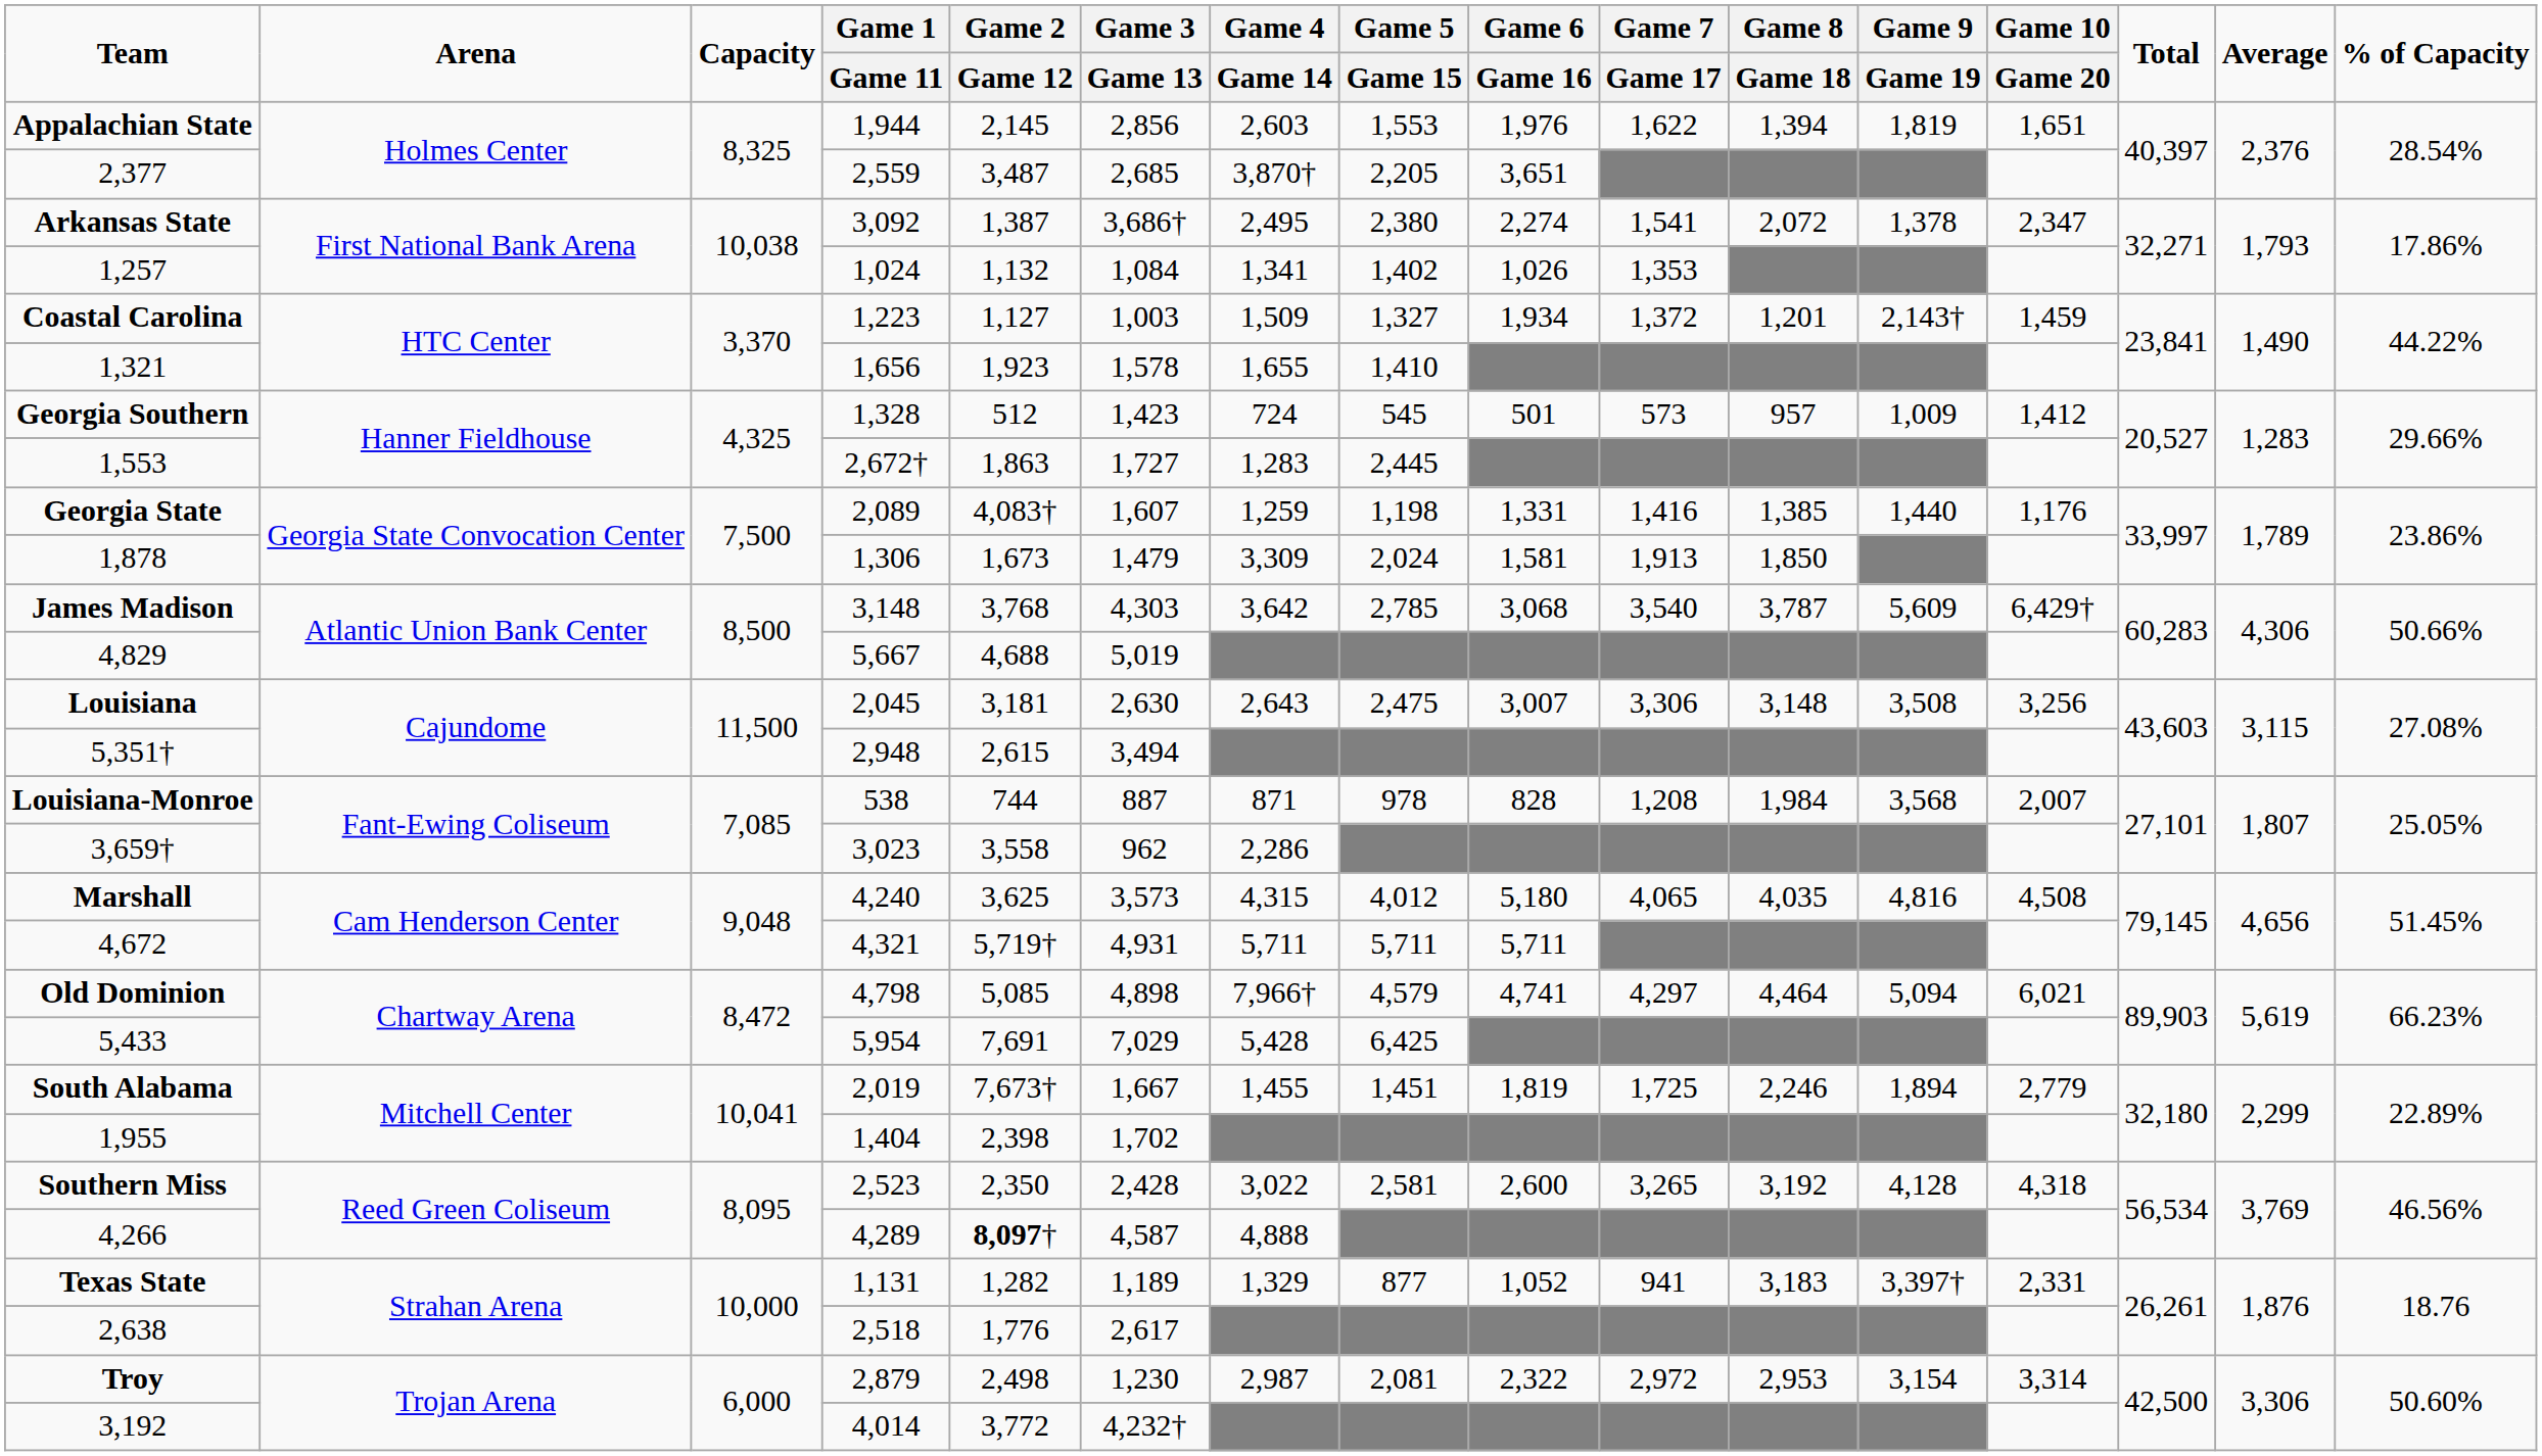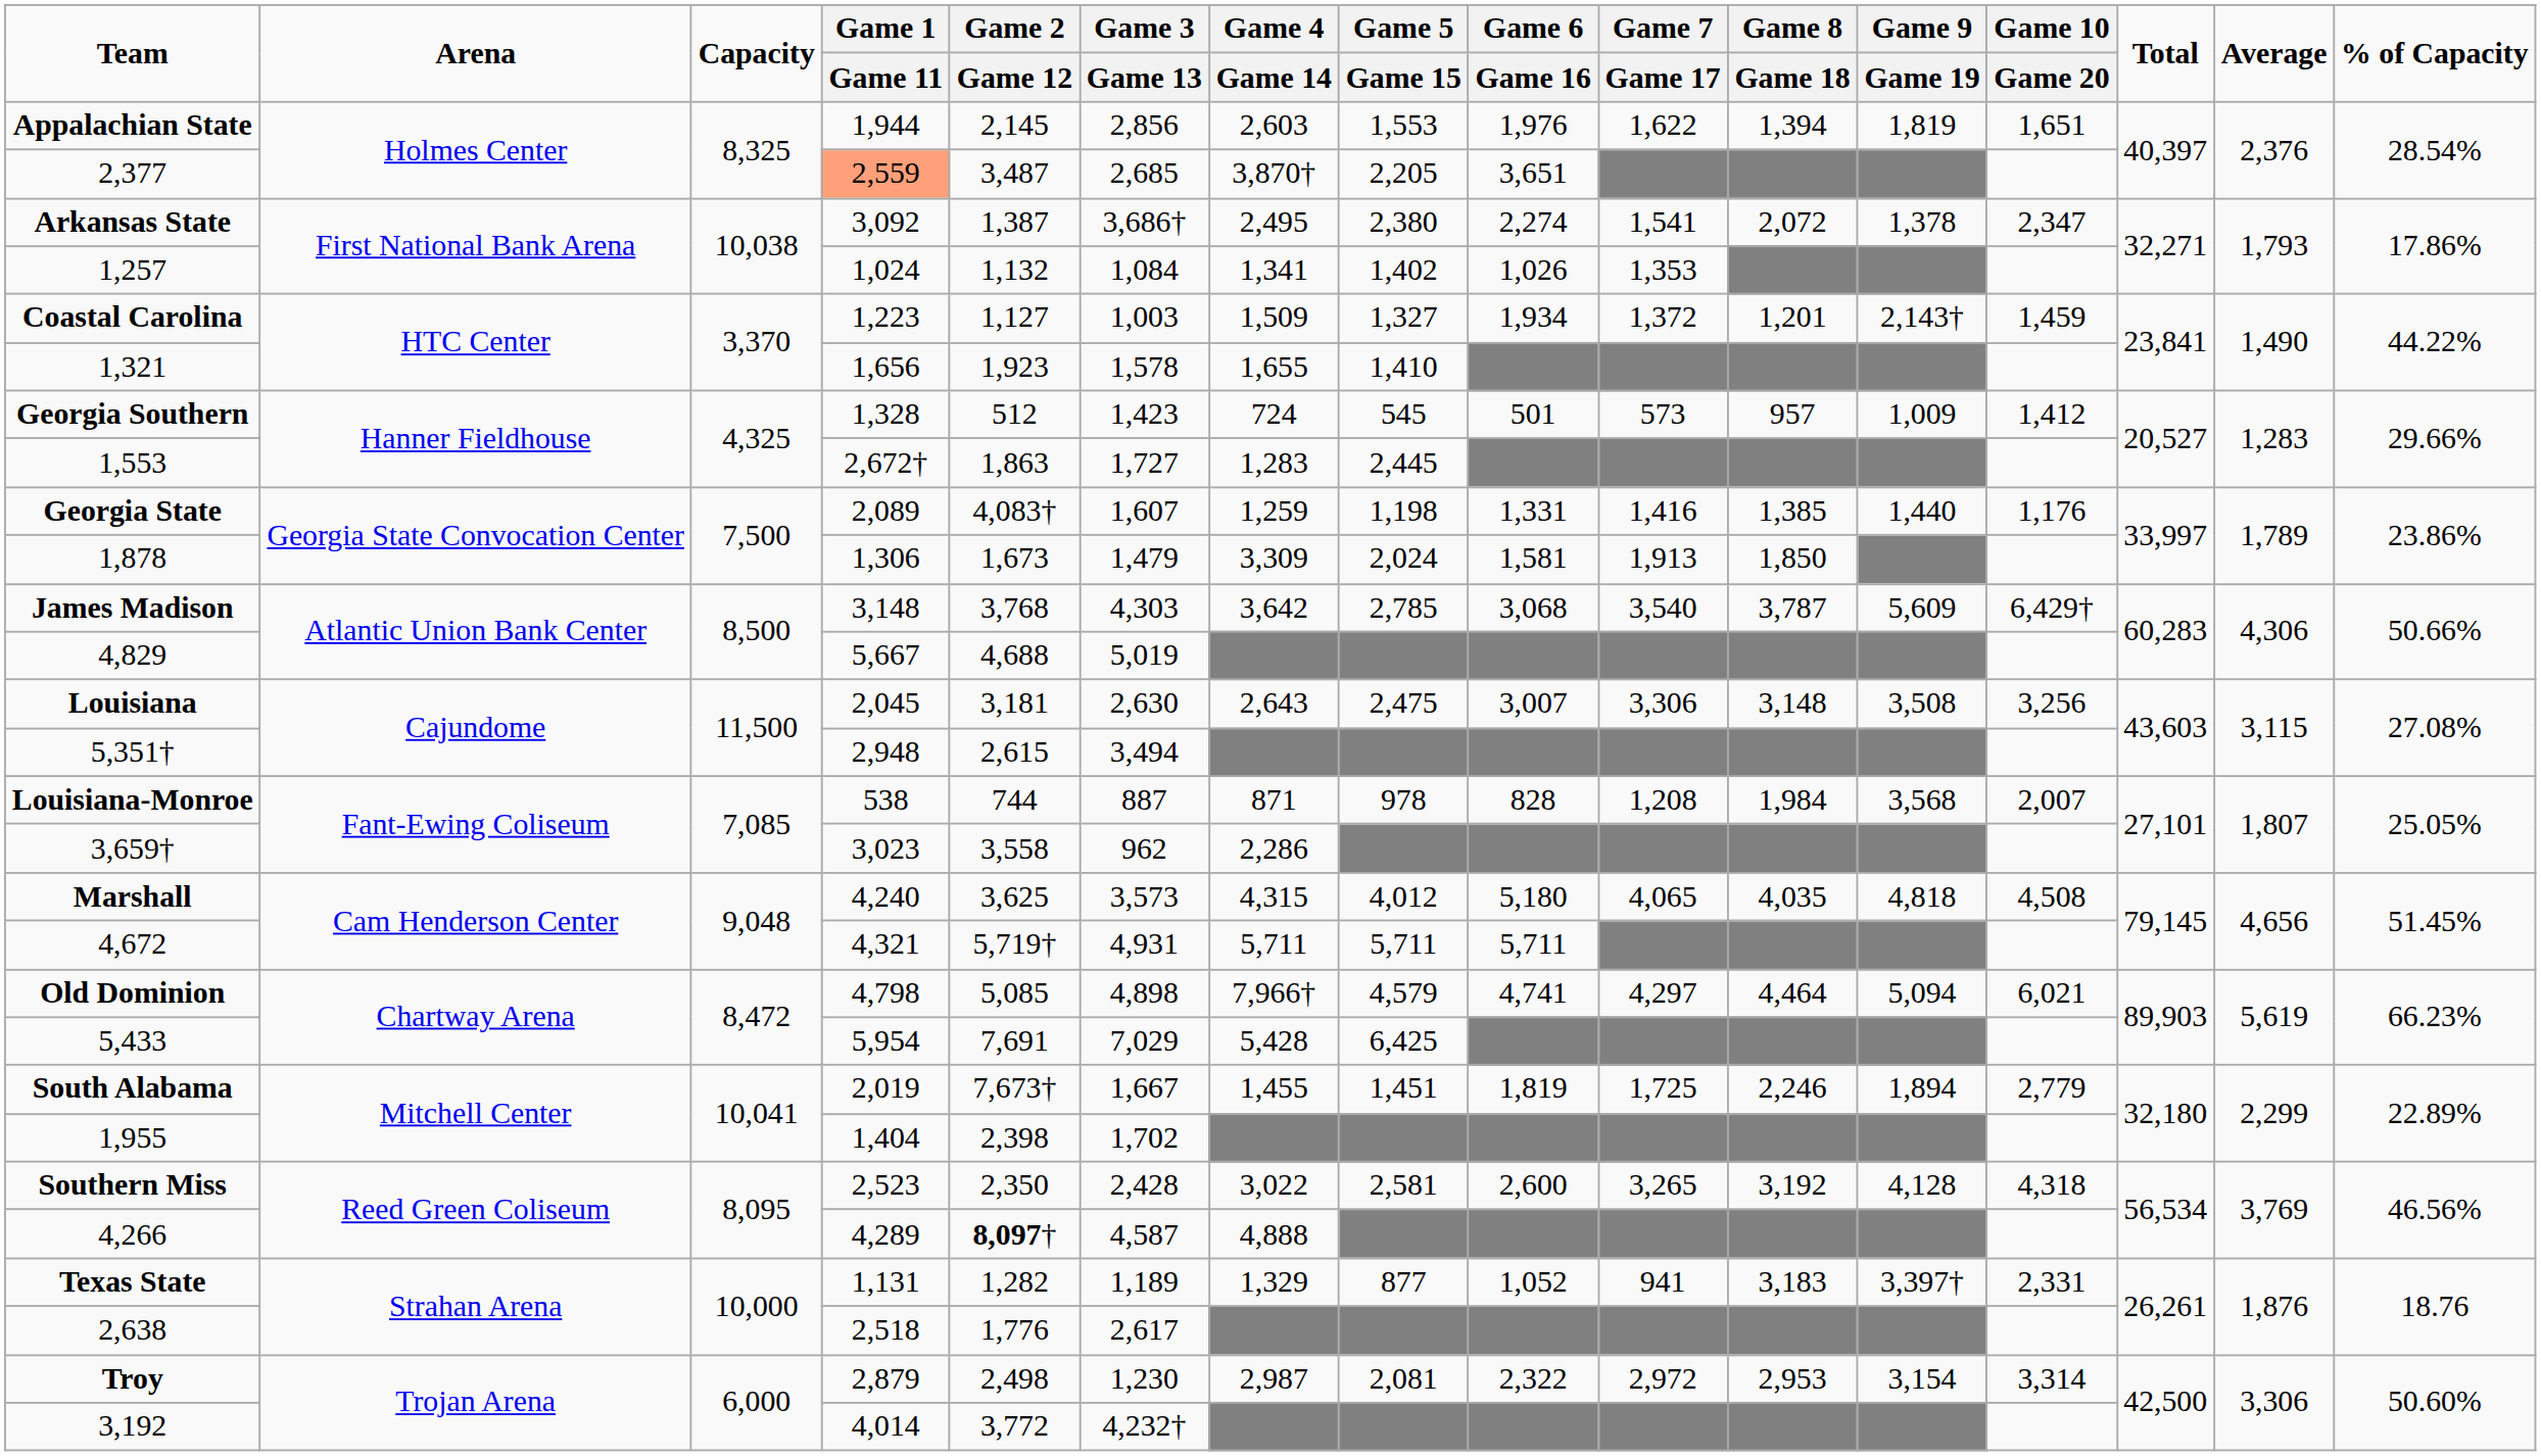 <table class="wikitable sortable" style="text-align: center;">
 <tr>
 <td rowspan=2><strong>Team</strong></td>
 <td rowspan=2><strong>Arena</strong></td>
 <td rowspan=2><strong>Capacity</strong></td>
 <th>Game 1</th>
 <th>Game 2</th>
 <th>Game 3</th>
 <th>Game 4</th>
 <th>Game 5</th>
 <th>Game 6</th>
 <th>Game 7</th>
 <th>Game 8</th>
 <th>Game 9</th>
 <th>Game 10</th>
 <td rowspan=2><strong>Total</strong></td>
 <td rowspan=2><strong>Average</strong></td>
 <td rowspan=2><strong>% of Capacity</strong></td>
 </tr>
 <tr>
 <th>Game 11</th>
 <th>Game 12</th>
 <th>Game 13</th>
 <th>Game 14</th>
 <th>Game 15</th>
 <th>Game 16</th>
 <th>Game 17</th>
 <th>Game 18</th>
 <th>Game 19</th>
 <th>Game 20</th>
 </tr>
 <tr>
 <td style=><strong>Appalachian State</strong></td>
 <td rowspan=2><a href='#'>Holmes Center</a></td>
 <td rowspan=2>8,325</td>
 <td>1,944</td>
 <td>2,145</td>
 <td>2,856</td>
 <td>2,603</td>
 <td>1,553</td>
 <td>1,976</td>
 <td>1,622</td>
 <td>1,394</td>
 <td>1,819</td>
 <td>1,651</td>
 <td rowspan=2>40,397</td>
 <td rowspan=2>2,376</td>
 <td rowspan=2>28.54%</td>
 </tr>
 <tr>
 <td>2,377</td>
-<td>2,559</td>
+<td style="background: lightsalmon;">2,559</td>
 <td>3,487</td>
 <td>2,685</td>
 <td>3,870†</td>
 <td>2,205</td>
 <td>3,651</td>
 <td style="background:#808080;"></td>
 <td style="background:#808080;"></td>
 <td style="background:#808080;"></td>
 </tr>
 <tr>
 <td style=><strong>Arkansas State</strong></td>
 <td rowspan=2><a href='#'>First National Bank Arena</a></td>
 <td rowspan=2>10,038</td>
 <td>3,092</td>
 <td>1,387</td>
 <td>3,686†</td>
 <td>2,495</td>
 <td>2,380</td>
 <td>2,274</td>
 <td>1,541</td>
 <td>2,072</td>
 <td>1,378</td>
 <td>2,347</td>
 <td rowspan=2>32,271</td>
 <td rowspan=2>1,793</td>
 <td rowspan=2>17.86%</td>
 </tr>
 <tr>
 <td>1,257</td>
 <td>1,024</td>
 <td>1,132</td>
 <td>1,084</td>
 <td>1,341</td>
 <td>1,402</td>
 <td>1,026</td>
 <td>1,353</td>
 <td style="background:#808080;"></td>
 <td style="background:#808080;"></td>
 </tr>
 <tr>
 <td style=><strong>Coastal Carolina</strong></td>
 <td rowspan=2><a href='#'>HTC Center</a></td>
 <td rowspan=2>3,370</td>
 <td>1,223</td>
 <td>1,127</td>
 <td>1,003</td>
 <td>1,509</td>
 <td>1,327</td>
 <td>1,934</td>
 <td>1,372</td>
 <td>1,201</td>
 <td>2,143†</td>
 <td>1,459</td>
 <td rowspan=2>23,841</td>
 <td rowspan=2>1,490</td>
 <td rowspan=2>44.22%</td>
 </tr>
 <tr>
 <td>1,321</td>
 <td>1,656</td>
 <td>1,923</td>
 <td>1,578</td>
 <td>1,655</td>
 <td>1,410</td>
 <td style="background:#808080;"></td>
 <td style="background:#808080;"></td>
 <td style="background:#808080;"></td>
 <td style="background:#808080;"></td>
 </tr>
 <tr>
 <td style=><strong>Georgia Southern</strong></td>
 <td rowspan=2><a href='#'>Hanner Fieldhouse</a></td>
 <td rowspan=2>4,325</td>
 <td>1,328</td>
 <td>512</td>
 <td>1,423</td>
 <td>724</td>
 <td>545</td>
 <td>501</td>
 <td>573</td>
 <td>957</td>
 <td>1,009</td>
 <td>1,412</td>
 <td rowspan=2>20,527</td>
 <td rowspan=2>1,283</td>
 <td rowspan=2>29.66%</td>
 </tr>
 <tr>
 <td>1,553</td>
 <td>2,672†</td>
 <td>1,863</td>
 <td>1,727</td>
 <td>1,283</td>
 <td>2,445</td>
 <td style="background:#808080;"></td>
 <td style="background:#808080;"></td>
 <td style="background:#808080;"></td>
 <td style="background:#808080;"></td>
 </tr>
 <tr>
 <td style=><strong>Georgia State</strong></td>
 <td rowspan=2><a href='#'>Georgia State Convocation Center</a></td>
 <td rowspan=2>7,500</td>
 <td>2,089</td>
 <td>4,083†</td>
 <td>1,607</td>
 <td>1,259</td>
 <td>1,198</td>
 <td>1,331</td>
 <td>1,416</td>
 <td>1,385</td>
 <td>1,440</td>
 <td>1,176</td>
 <td rowspan=2>33,997</td>
 <td rowspan=2>1,789</td>
 <td rowspan=2>23.86%</td>
 </tr>
 <tr>
 <td>1,878</td>
 <td>1,306</td>
 <td>1,673</td>
 <td>1,479</td>
 <td>3,309</td>
 <td>2,024</td>
 <td>1,581</td>
 <td>1,913</td>
 <td>1,850</td>
 <td style="background:#808080;"></td>
 </tr>
 <tr>
 <td style=><strong>James Madison</strong></td>
 <td rowspan=2><a href='#'>Atlantic Union Bank Center</a></td>
 <td rowspan=2>8,500</td>
 <td>3,148</td>
 <td>3,768</td>
 <td>4,303</td>
 <td>3,642</td>
 <td>2,785</td>
 <td>3,068</td>
 <td>3,540</td>
 <td>3,787</td>
 <td>5,609</td>
 <td>6,429†</td>
 <td rowspan=2>60,283</td>
 <td rowspan=2>4,306</td>
 <td rowspan=2>50.66%</td>
 </tr>
 <tr>
 <td>4,829</td>
 <td>5,667</td>
 <td>4,688</td>
 <td>5,019</td>
 <td style="background:#808080;"></td>
 <td style="background:#808080;"></td>
 <td style="background:#808080;"></td>
 <td style="background:#808080;"></td>
 <td style="background:#808080;"></td>
 <td style="background:#808080;"></td>
 </tr>
 <tr>
 <td style=><strong>Louisiana</strong></td>
 <td rowspan=2><a href='#'>Cajundome</a></td>
 <td rowspan=2>11,500</td>
 <td>2,045</td>
 <td>3,181</td>
 <td>2,630</td>
 <td>2,643</td>
 <td>2,475</td>
 <td>3,007</td>
 <td>3,306</td>
 <td>3,148</td>
 <td>3,508</td>
 <td>3,256</td>
 <td rowspan=2>43,603</td>
 <td rowspan=2>3,115</td>
 <td rowspan=2>27.08%</td>
 </tr>
 <tr>
 <td>5,351†</td>
 <td>2,948</td>
 <td>2,615</td>
 <td>3,494</td>
 <td style="background:#808080;"></td>
 <td style="background:#808080;"></td>
 <td style="background:#808080;"></td>
 <td style="background:#808080;"></td>
 <td style="background:#808080;"></td>
 <td style="background:#808080;"></td>
 </tr>
 <tr>
 <td style=><strong>Louisiana-Monroe</strong></td>
 <td rowspan=2><a href='#'>Fant-Ewing Coliseum</a></td>
 <td rowspan=2>7,085</td>
 <td>538</td>
 <td>744</td>
 <td>887</td>
 <td>871</td>
 <td>978</td>
 <td>828</td>
 <td>1,208</td>
 <td>1,984</td>
 <td>3,568</td>
 <td>2,007</td>
 <td rowspan=2>27,101</td>
 <td rowspan=2>1,807</td>
 <td rowspan=2>25.05%</td>
 </tr>
 <tr>
 <td>3,659†</td>
 <td>3,023</td>
 <td>3,558</td>
 <td>962</td>
 <td>2,286</td>
 <td style="background:#808080;"></td>
 <td style="background:#808080;"></td>
 <td style="background:#808080;"></td>
 <td style="background:#808080;"></td>
 <td style="background:#808080;"></td>
 </tr>
 <tr>
 <td style=><strong>Marshall</strong></td>
 <td rowspan=2><a href='#'>Cam Henderson Center</a></td>
 <td rowspan=2>9,048</td>
 <td>4,240</td>
 <td>3,625</td>
 <td>3,573</td>
 <td>4,315</td>
 <td>4,012</td>
 <td>5,180</td>
 <td>4,065</td>
 <td>4,035</td>
-<td>4,816</td>
+<td>4,818</td>
 <td>4,508</td>
 <td rowspan=2>79,145</td>
 <td rowspan=2>4,656</td>
 <td rowspan=2>51.45%</td>
 </tr>
 <tr>
 <td>4,672</td>
 <td>4,321</td>
 <td>5,719†</td>
 <td>4,931</td>
 <td>5,711</td>
 <td>5,711</td>
 <td>5,711</td>
 <td style="background:#808080;"></td>
 <td style="background:#808080;"></td>
 <td style="background:#808080;"></td>
 </tr>
 <tr>
 <td style=><strong>Old Dominion</strong></td>
 <td rowspan=2><a href='#'>Chartway Arena</a></td>
 <td rowspan=2>8,472</td>
 <td>4,798</td>
 <td>5,085</td>
 <td>4,898</td>
 <td>7,966†</td>
 <td>4,579</td>
 <td>4,741</td>
 <td>4,297</td>
 <td>4,464</td>
 <td>5,094</td>
 <td>6,021</td>
 <td rowspan=2>89,903</td>
 <td rowspan=2>5,619</td>
 <td rowspan=2>66.23%</td>
 </tr>
 <tr>
 <td>5,433</td>
 <td>5,954</td>
 <td>7,691</td>
 <td>7,029</td>
 <td>5,428</td>
 <td>6,425</td>
 <td style="background:#808080;"></td>
 <td style="background:#808080;"></td>
 <td style="background:#808080;"></td>
 <td style="background:#808080;"></td>
 </tr>
 <tr>
 <td style=><strong>South Alabama</strong></td>
 <td rowspan=2><a href='#'>Mitchell Center</a></td>
 <td rowspan=2>10,041</td>
 <td>2,019</td>
 <td>7,673†</td>
 <td>1,667</td>
 <td>1,455</td>
 <td>1,451</td>
 <td>1,819</td>
 <td>1,725</td>
 <td>2,246</td>
 <td>1,894</td>
 <td>2,779</td>
 <td rowspan=2>32,180</td>
 <td rowspan=2>2,299</td>
 <td rowspan=2>22.89%</td>
 </tr>
 <tr>
 <td>1,955</td>
 <td>1,404</td>
 <td>2,398</td>
 <td>1,702</td>
 <td style="background:#808080;"></td>
 <td style="background:#808080;"></td>
 <td style="background:#808080;"></td>
 <td style="background:#808080;"></td>
 <td style="background:#808080;"></td>
 <td style="background:#808080;"></td>
 </tr>
 <tr>
 <td style=><strong>Southern Miss</strong></td>
 <td rowspan=2><a href='#'>Reed Green Coliseum</a></td>
 <td rowspan=2>8,095</td>
 <td>2,523</td>
 <td>2,350</td>
 <td>2,428</td>
 <td>3,022</td>
 <td>2,581</td>
 <td>2,600</td>
 <td>3,265</td>
 <td>3,192</td>
 <td>4,128</td>
 <td>4,318</td>
 <td rowspan=2>56,534</td>
 <td rowspan=2>3,769</td>
 <td rowspan=2>46.56%</td>
 </tr>
 <tr>
 <td>4,266</td>
 <td>4,289</td>
 <td><strong>8,097</strong>†</td>
 <td>4,587</td>
 <td>4,888</td>
 <td style="background:#808080;"></td>
 <td style="background:#808080;"></td>
 <td style="background:#808080;"></td>
 <td style="background:#808080;"></td>
 <td style="background:#808080;"></td>
 </tr>
 <tr>
 <td style=><strong>Texas State</strong></td>
 <td rowspan=2><a href='#'>Strahan Arena</a></td>
 <td rowspan=2>10,000</td>
 <td>1,131</td>
 <td>1,282</td>
 <td>1,189</td>
 <td>1,329</td>
 <td>877</td>
 <td>1,052</td>
 <td>941</td>
 <td>3,183</td>
 <td>3,397†</td>
 <td>2,331</td>
 <td rowspan=2>26,261</td>
 <td rowspan=2>1,876</td>
 <td rowspan=2>18.76</td>
 </tr>
 <tr>
 <td>2,638</td>
 <td>2,518</td>
 <td>1,776</td>
 <td>2,617</td>
 <td style="background:#808080;"></td>
 <td style="background:#808080;"></td>
 <td style="background:#808080;"></td>
 <td style="background:#808080;"></td>
 <td style="background:#808080;"></td>
 <td style="background:#808080;"></td>
 </tr>
 <tr>
 <td style=><strong>Troy</strong></td>
 <td rowspan=2><a href='#'>Trojan Arena</a></td>
 <td rowspan=2>6,000</td>
 <td>2,879</td>
 <td>2,498</td>
 <td>1,230</td>
 <td>2,987</td>
 <td>2,081</td>
 <td>2,322</td>
 <td>2,972</td>
 <td>2,953</td>
 <td>3,154</td>
 <td>3,314</td>
 <td rowspan=2>42,500</td>
 <td rowspan=2>3,306</td>
 <td rowspan=2>50.60%</td>
 </tr>
 <tr>
 <td>3,192</td>
 <td>4,014</td>
 <td>3,772</td>
 <td>4,232†</td>
 <td style="background:#808080;"></td>
 <td style="background:#808080;"></td>
 <td style="background:#808080;"></td>
 <td style="background:#808080;"></td>
 <td style="background:#808080;"></td>
 <td style="background:#808080;"></td>
 </tr>
 </table>
